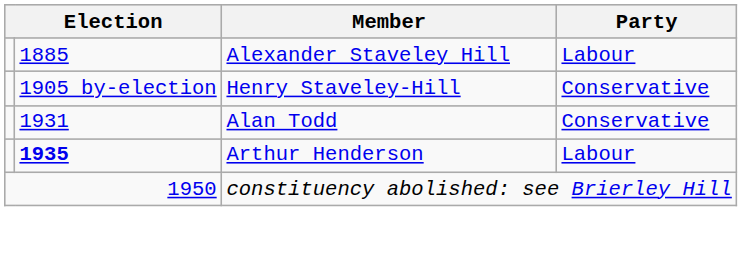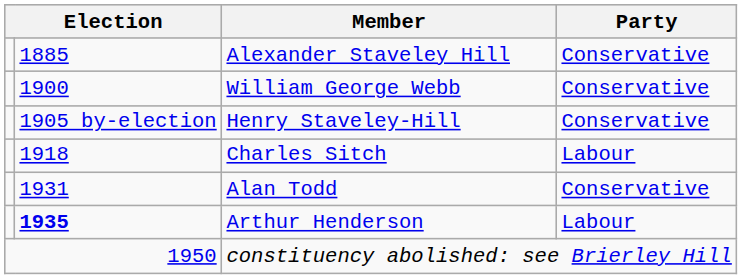 <table class="wikitable">
 <tr>
 <th colspan="2">Election</th>
 <th>Member</th>
 <th>Party</th>
 </tr>
 <tr>
 <td style="color:inherit;background-color: "></td>
 <td><a href='#'>1885</a></td>
 <td><a href='#'>Alexander Staveley Hill</a></td>
-<td><a href='#'>Labour</a></td>
+<td><a href='#'>Conservative</a></td>
+</tr>
+<tr>
+<td style="color:inherit;background-color: "></td>
+<td><a href='#'>1900</a></td>
+<td><a href='#'>William George Webb</a></td>
+<td><a href='#'>Conservative</a></td>
 </tr>
 <tr>
 <td style="color:inherit;background-color: "></td>
 <td><a href='#'>1905 by-election</a></td>
 <td><a href='#'>Henry Staveley-Hill</a></td>
 <td><a href='#'>Conservative</a></td>
+</tr>
+<tr>
+<td style="color:inherit;background-color: "></td>
+<td><a href='#'>1918</a></td>
+<td><a href='#'>Charles Sitch</a></td>
+<td><a href='#'>Labour</a></td>
 </tr>
 <tr>
 <td style="color:inherit;background-color: "></td>
 <td><a href='#'>1931</a></td>
 <td><a href='#'>Alan Todd</a></td>
 <td><a href='#'>Conservative</a></td>
 </tr>
 <tr>
 <td style="color:inherit;background-color: "></td>
 <td><strong><a href='#'>1935</a></strong></td>
 <td><a href='#'>Arthur Henderson</a></td>
 <td><a href='#'>Labour</a></td>
 </tr>
 <tr>
 <td colspan="2" align="right"><a href='#'>1950</a></td>
 <td colspan="2"><em>constituency abolished: see <a href='#'>Brierley Hill</a></em></td>
 </tr>
 </table>
